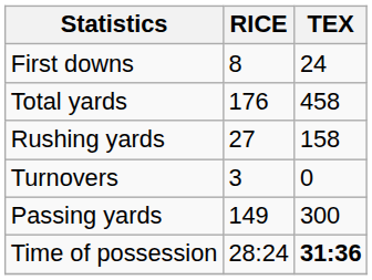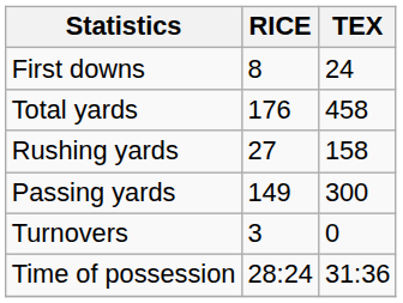 <table class="wikitable" style="float: left;">
 <tr>
 <th>Statistics</th>
 <th>RICE</th>
 <th>TEX</th>
 </tr>
 <tr>
 <td>First downs</td>
 <td>8</td>
 <td>24</td>
 </tr>
 <tr>
 <td>Total yards</td>
 <td>176</td>
 <td>458</td>
 </tr>
 <tr>
 <td>Rushing yards</td>
 <td>27</td>
 <td>158</td>
 </tr>
 <tr>
+<td>Passing yards</td>
+<td>149</td>
+<td>300</td>
+</tr>
+<tr>
 <td>Turnovers</td>
 <td>3</td>
 <td>0</td>
 </tr>
 <tr>
-<td>Passing yards</td>
-<td>149</td>
-<td>300</td>
-</tr>
-<tr>
 <td>Time of possession</td>
 <td>28:24</td>
-<td><strong>31:36</strong></td>
+<td>31:36</td>
 </tr>
 <tr>
 </tr>
 </table>
